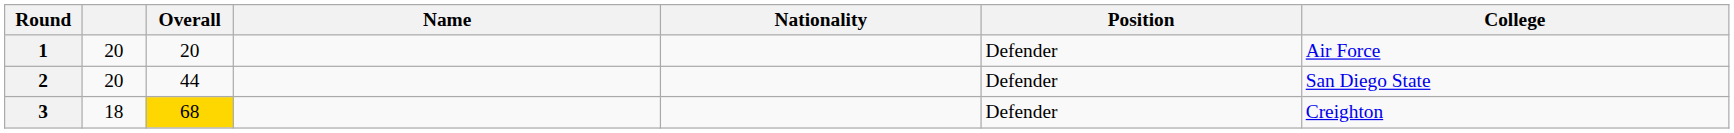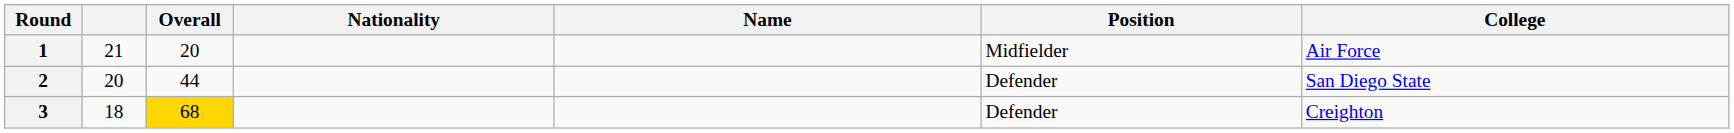 <table class="wikitable sortable" style="width:90%">
 <tr>
 <th scope="col" style="width: 3%;">Round</th>
 <th scope="col" style="width: 3%;"></th>
 <th scope="col" style="width: 4%;">Overall</th>
+<th scope="col" style="width: 15%;">Nationality</th>
 <th scope="col" style="width: 20%;">Name</th>
-<th scope="col" style="width: 15%;">Nationality</th>
 <th scope="col" style="width: 15%;">Position</th>
 <th scope="col" style="width: 20%;">College</th>
 </tr>
 <tr>
 <th scope="row">1</th>
-<td align="center">20</td>
+<td align="center">21</td>
 <td align="center">20</td>
 <td></td>
 <td></td>
-<td>Defender</td>
+<td>Midfielder</td>
 <td><a href='#'>Air Force</a></td>
 </tr>
 <tr>
 <th scope="row">2</th>
 <td align="center">20</td>
 <td align="center">44</td>
 <td></td>
 <td></td>
 <td>Defender</td>
 <td><a href='#'>San Diego State</a></td>
 </tr>
 <tr>
 <th scope="row">3</th>
 <td align="center">18</td>
 <td align="center" style="background: gold;">68</td>
 <td></td>
 <td></td>
 <td>Defender</td>
 <td><a href='#'>Creighton</a></td>
 </tr>
 </table>
